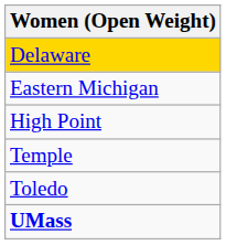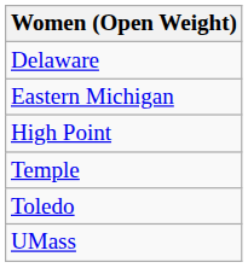 <table class="wikitable">
 <tr>
 <th>Women (Open Weight)</th>
 </tr>
 <tr>
-<td style="background: gold;"><a href='#'>Delaware</a></td>
+<td><a href='#'>Delaware</a></td>
 </tr>
 <tr>
 <td><a href='#'>Eastern Michigan</a></td>
 </tr>
 <tr>
 <td><a href='#'>High Point</a></td>
 </tr>
 <tr>
 <td><a href='#'>Temple</a></td>
 </tr>
 <tr>
 <td><a href='#'>Toledo</a></td>
 </tr>
 <tr>
-<td><strong><a href='#'>UMass</a></strong></td>
+<td><a href='#'>UMass</a></td>
 </tr>
 </table>
